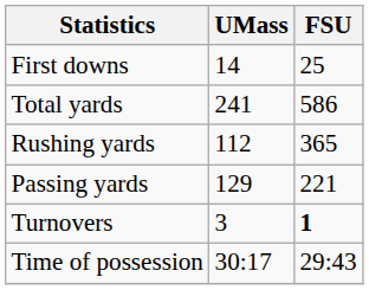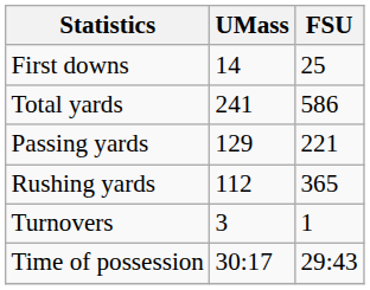 <table class="wikitable">
 <tr>
 <th>Statistics</th>
 <th>UMass</th>
 <th>FSU</th>
 </tr>
 <tr>
 <td>First downs</td>
 <td>14</td>
 <td>25</td>
 </tr>
 <tr>
 <td>Total yards</td>
 <td>241</td>
 <td>586</td>
 </tr>
 <tr>
+<td>Passing yards</td>
+<td>129</td>
+<td>221</td>
+</tr>
+<tr>
 <td>Rushing yards</td>
 <td>112</td>
 <td>365</td>
 </tr>
 <tr>
-<td>Passing yards</td>
-<td>129</td>
-<td>221</td>
-</tr>
-<tr>
 <td>Turnovers</td>
 <td>3</td>
-<td><strong>1</strong></td>
+<td>1</td>
 </tr>
 <tr>
 <td>Time of possession</td>
 <td>30:17</td>
 <td>29:43</td>
 </tr>
 <tr>
 </tr>
 </table>
